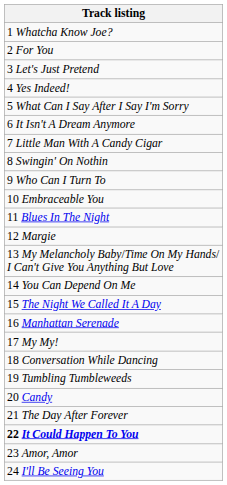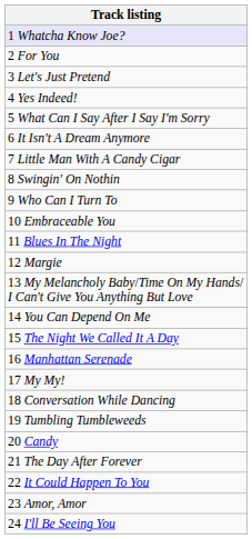 <table class="wikitable collapsible collapsed" style="width:300px;">
 <tr>
 <th>Track listing</th>
 </tr>
 <tr>
-<td>1 <em>Whatcha Know Joe?</em></td>
+<td style="background: lavender;">1 <em>Whatcha Know Joe?</em></td>
 </tr>
 <tr>
 <td>2 <em>For You</em></td>
 </tr>
 <tr>
 <td>3 <em>Let's Just Pretend</em></td>
 </tr>
 <tr>
 <td>4 <em>Yes Indeed!</em></td>
 </tr>
 <tr>
 <td>5 <em>What Can I Say After I Say I'm Sorry</em></td>
 </tr>
 <tr>
 <td>6 <em>It Isn't A Dream Anymore</em></td>
 </tr>
 <tr>
 <td>7 <em>Little Man With A Candy Cigar</em></td>
 </tr>
 <tr>
 <td>8 <em>Swingin' On Nothin</em></td>
 </tr>
 <tr>
 <td>9 <em>Who Can I Turn To</em></td>
 </tr>
 <tr>
 <td>10 <em>Embraceable You</em></td>
 </tr>
 <tr>
 <td>11 <em><a href='#'>Blues In The Night</a></em></td>
 </tr>
 <tr>
 <td>12 <em>Margie</em></td>
 </tr>
 <tr>
 <td>13 <em>My Melancholy Baby</em>/<em>Time On My Hands</em>/<br><em>I Can't Give You Anything But Love</em></td>
 </tr>
 <tr>
 <td>14 <em>You Can Depend On Me</em></td>
 </tr>
 <tr>
 <td>15 <em><a href='#'>The Night We Called It A Day</a></em></td>
 </tr>
 <tr>
 <td>16 <em><a href='#'>Manhattan Serenade</a></em></td>
 </tr>
 <tr>
 <td>17 <em>My My!</em></td>
 </tr>
 <tr>
 <td>18 <em>Conversation While Dancing</em></td>
 </tr>
 <tr>
 <td>19 <em>Tumbling Tumbleweeds</em></td>
 </tr>
 <tr>
 <td>20 <em><a href='#'>Candy</a></em></td>
 </tr>
 <tr>
 <td>21 <em>The Day After Forever</em></td>
 </tr>
 <tr>
-<td><strong>22 <em><a href='#'>It Could Happen To You</a></em></strong></td>
+<td>22 <em><a href='#'>It Could Happen To You</a></em></td>
 </tr>
 <tr>
 <td>23 <em>Amor, Amor</em></td>
 </tr>
 <tr>
 <td>24 <em><a href='#'>I'll Be Seeing You</a></em></td>
 </tr>
 </table>
